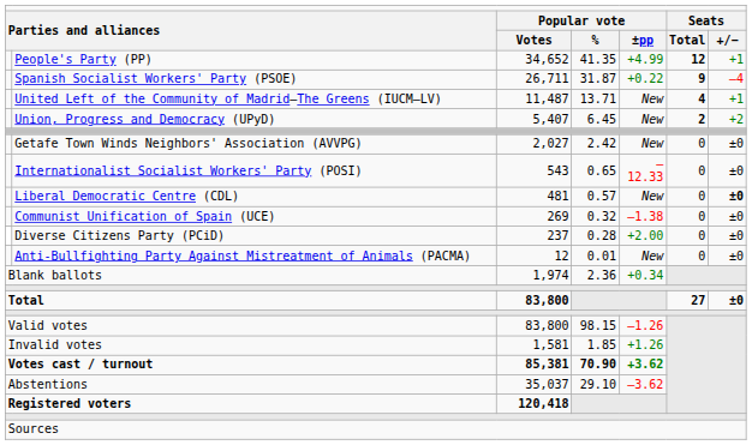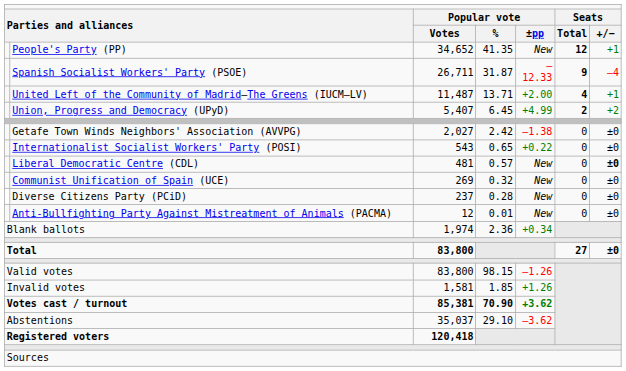 <table class="wikitable" style="text-align:right;">
 <tr>
 <td colspan="7"></td>
 </tr>
 <tr>
 <th style="text-align:left;" rowspan="2" colspan="2" width="525">Parties and alliances</th>
 <th colspan="3">Popular vote</th>
 <th colspan="2">Seats</th>
 </tr>
 <tr>
 <th width="75">Votes</th>
 <th width="45">%</th>
 <th width="45">±<a href='#'>pp</a></th>
 <th width="35">Total</th>
 <th width="35">+/−</th>
 </tr>
 <tr>
 <td width="1" style="color:inherit;background:"></td>
 <td align="left"><a href='#'>People's Party</a> (PP)</td>
 <td>34,652</td>
 <td>41.35</td>
-<td style="color:green;">+4.99</td>
+<td><em>New</em></td>
 <td><strong>12</strong></td>
 <td style="color:green;">+1</td>
 </tr>
 <tr>
 <td style="color:inherit;background:"></td>
 <td align="left"><a href='#'>Spanish Socialist Workers' Party</a> (PSOE)</td>
 <td>26,711</td>
 <td>31.87</td>
-<td style="color:green;">+0.22</td>
+<td style="color:red;">–12.33</td>
 <td><strong>9</strong></td>
 <td style="color:red;">–4</td>
 </tr>
 <tr>
 <td style="color:inherit;background:"></td>
 <td align="left"><a href='#'>United Left of the Community of Madrid</a>–<a href='#'>The Greens</a> (IUCM–LV)</td>
 <td>11,487</td>
 <td>13.71</td>
-<td><em>New</em></td>
+<td style="color:green;">+2.00</td>
 <td><strong>4</strong></td>
 <td style="color:green;">+1</td>
 </tr>
 <tr>
 <td style="color:inherit;background:"></td>
 <td align="left"><a href='#'>Union, Progress and Democracy</a> (UPyD)</td>
 <td>5,407</td>
 <td>6.45</td>
-<td><em>New</em></td>
+<td style="color:green;">+4.99</td>
 <td><strong>2</strong></td>
 <td style="color:green;">+2</td>
 </tr>
 <tr>
 <td colspan="7" bgcolor="#C0C0C0"></td>
 </tr>
 <tr>
 <td style="color:inherit;background:"></td>
 <td align="left">Getafe Town Winds Neighbors' Association (AVVPG)</td>
 <td>2,027</td>
 <td>2.42</td>
-<td><em>New</em></td>
+<td style="color:red;">–1.38</td>
 <td>0</td>
 <td>±0</td>
 </tr>
 <tr>
 <td style="color:inherit;background:"></td>
 <td align="left"><a href='#'>Internationalist Socialist Workers' Party</a> (POSI)</td>
 <td>543</td>
 <td>0.65</td>
-<td style="color:red;">–12.33</td>
+<td style="color:green;">+0.22</td>
 <td>0</td>
 <td>±0</td>
 </tr>
 <tr>
 <td style="color:inherit;background:"></td>
 <td align="left"><a href='#'>Liberal Democratic Centre</a> (CDL)</td>
 <td>481</td>
 <td>0.57</td>
 <td><em>New</em></td>
 <td>0</td>
 <td><strong>±0</strong></td>
 </tr>
 <tr>
 <td style="color:inherit;background:"></td>
 <td align="left"><a href='#'>Communist Unification of Spain</a> (UCE)</td>
 <td>269</td>
 <td>0.32</td>
-<td style="color:red;">–1.38</td>
+<td><em>New</em></td>
 <td>0</td>
 <td>±0</td>
 </tr>
 <tr>
 <td bgcolor="white"></td>
 <td align="left">Diverse Citizens Party (PCiD)</td>
 <td>237</td>
 <td>0.28</td>
-<td style="color:green;">+2.00</td>
+<td><em>New</em></td>
 <td>0</td>
 <td>±0</td>
 </tr>
 <tr>
 <td style="color:inherit;background:"></td>
 <td align="left"><a href='#'>Anti-Bullfighting Party Against Mistreatment of Animals</a> (PACMA)</td>
 <td>12</td>
 <td>0.01</td>
 <td><em>New</em></td>
 <td>0</td>
 <td>±0</td>
 </tr>
 <tr>
 <td align="left" colspan="2">Blank ballots</td>
 <td>1,974</td>
 <td>2.36</td>
 <td style="color:green;">+0.34</td>
 <td bgcolor="#E9E9E9" colspan="2"></td>
 </tr>
 <tr>
 <td colspan="7" bgcolor="#E9E9E9"></td>
 </tr>
 <tr style="font-weight:bold;">
 <td align="left" colspan="2">Total</td>
 <td>83,800</td>
 <td bgcolor="#E9E9E9" colspan="2"></td>
 <td>27</td>
 <td>±0</td>
 </tr>
 <tr>
 <td colspan="7" bgcolor="#E9E9E9"></td>
 </tr>
 <tr>
 <td align="left" colspan="2">Valid votes</td>
 <td>83,800</td>
 <td>98.15</td>
 <td style="color:red;">–1.26</td>
 <td bgcolor="#E9E9E9" colspan="2" rowspan="5"></td>
 </tr>
 <tr>
 <td align="left" colspan="2">Invalid votes</td>
 <td>1,581</td>
 <td>1.85</td>
 <td style="color:green;">+1.26</td>
 </tr>
 <tr style="font-weight:bold;">
 <td align="left" colspan="2">Votes cast / turnout</td>
 <td>85,381</td>
 <td>70.90</td>
 <td style="color:green;">+3.62</td>
 </tr>
 <tr>
 <td align="left" colspan="2">Abstentions</td>
 <td>35,037</td>
 <td>29.10</td>
 <td style="color:red;">–3.62</td>
 </tr>
 <tr style="font-weight:bold;">
 <td align="left" colspan="2">Registered voters</td>
 <td>120,418</td>
 <td bgcolor="#E9E9E9" colspan="2"></td>
 </tr>
 <tr>
 <td colspan="7" bgcolor="#E9E9E9"></td>
 </tr>
 <tr>
 <td align="left" colspan="7">Sources</td>
 </tr>
 </table>
